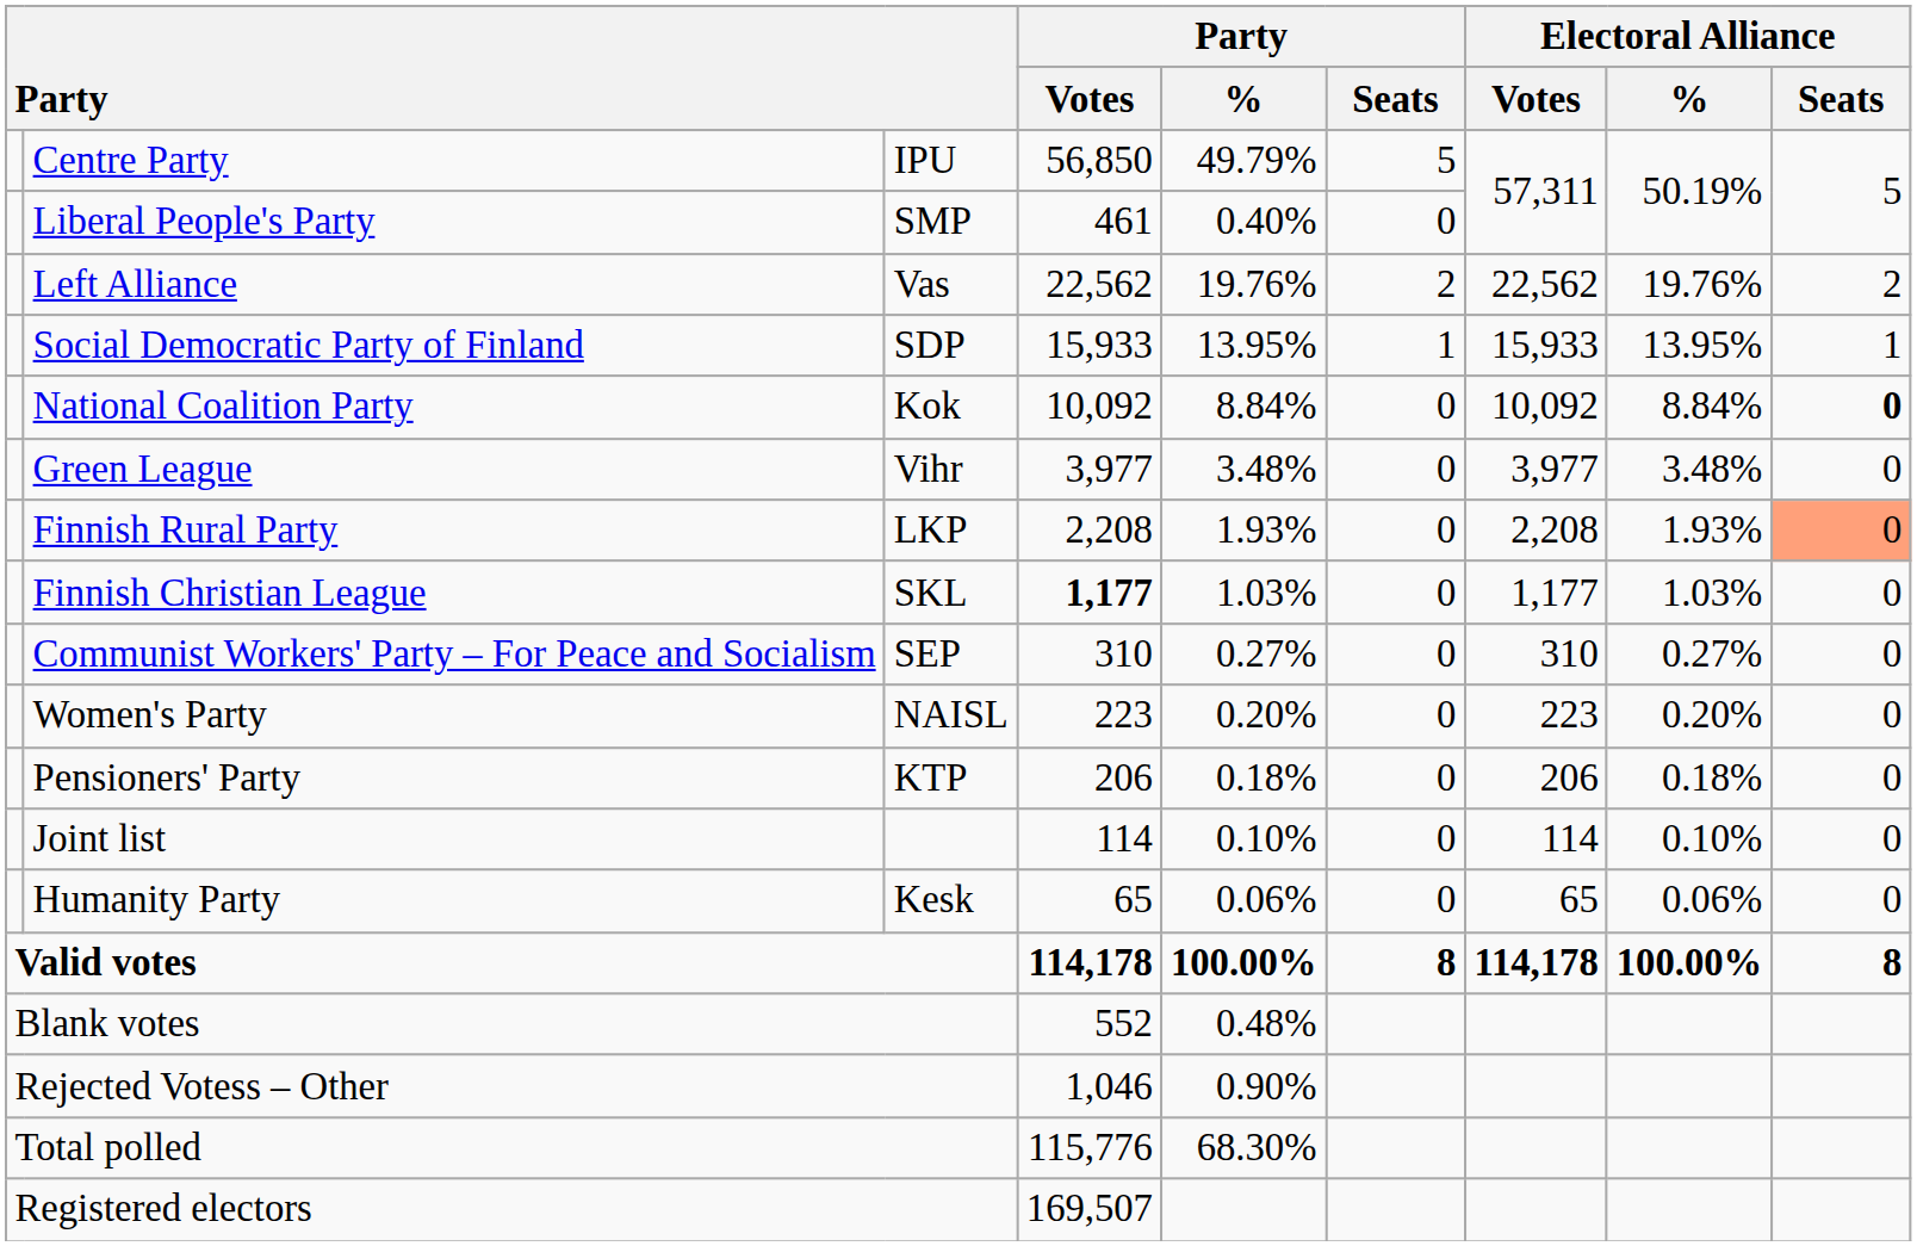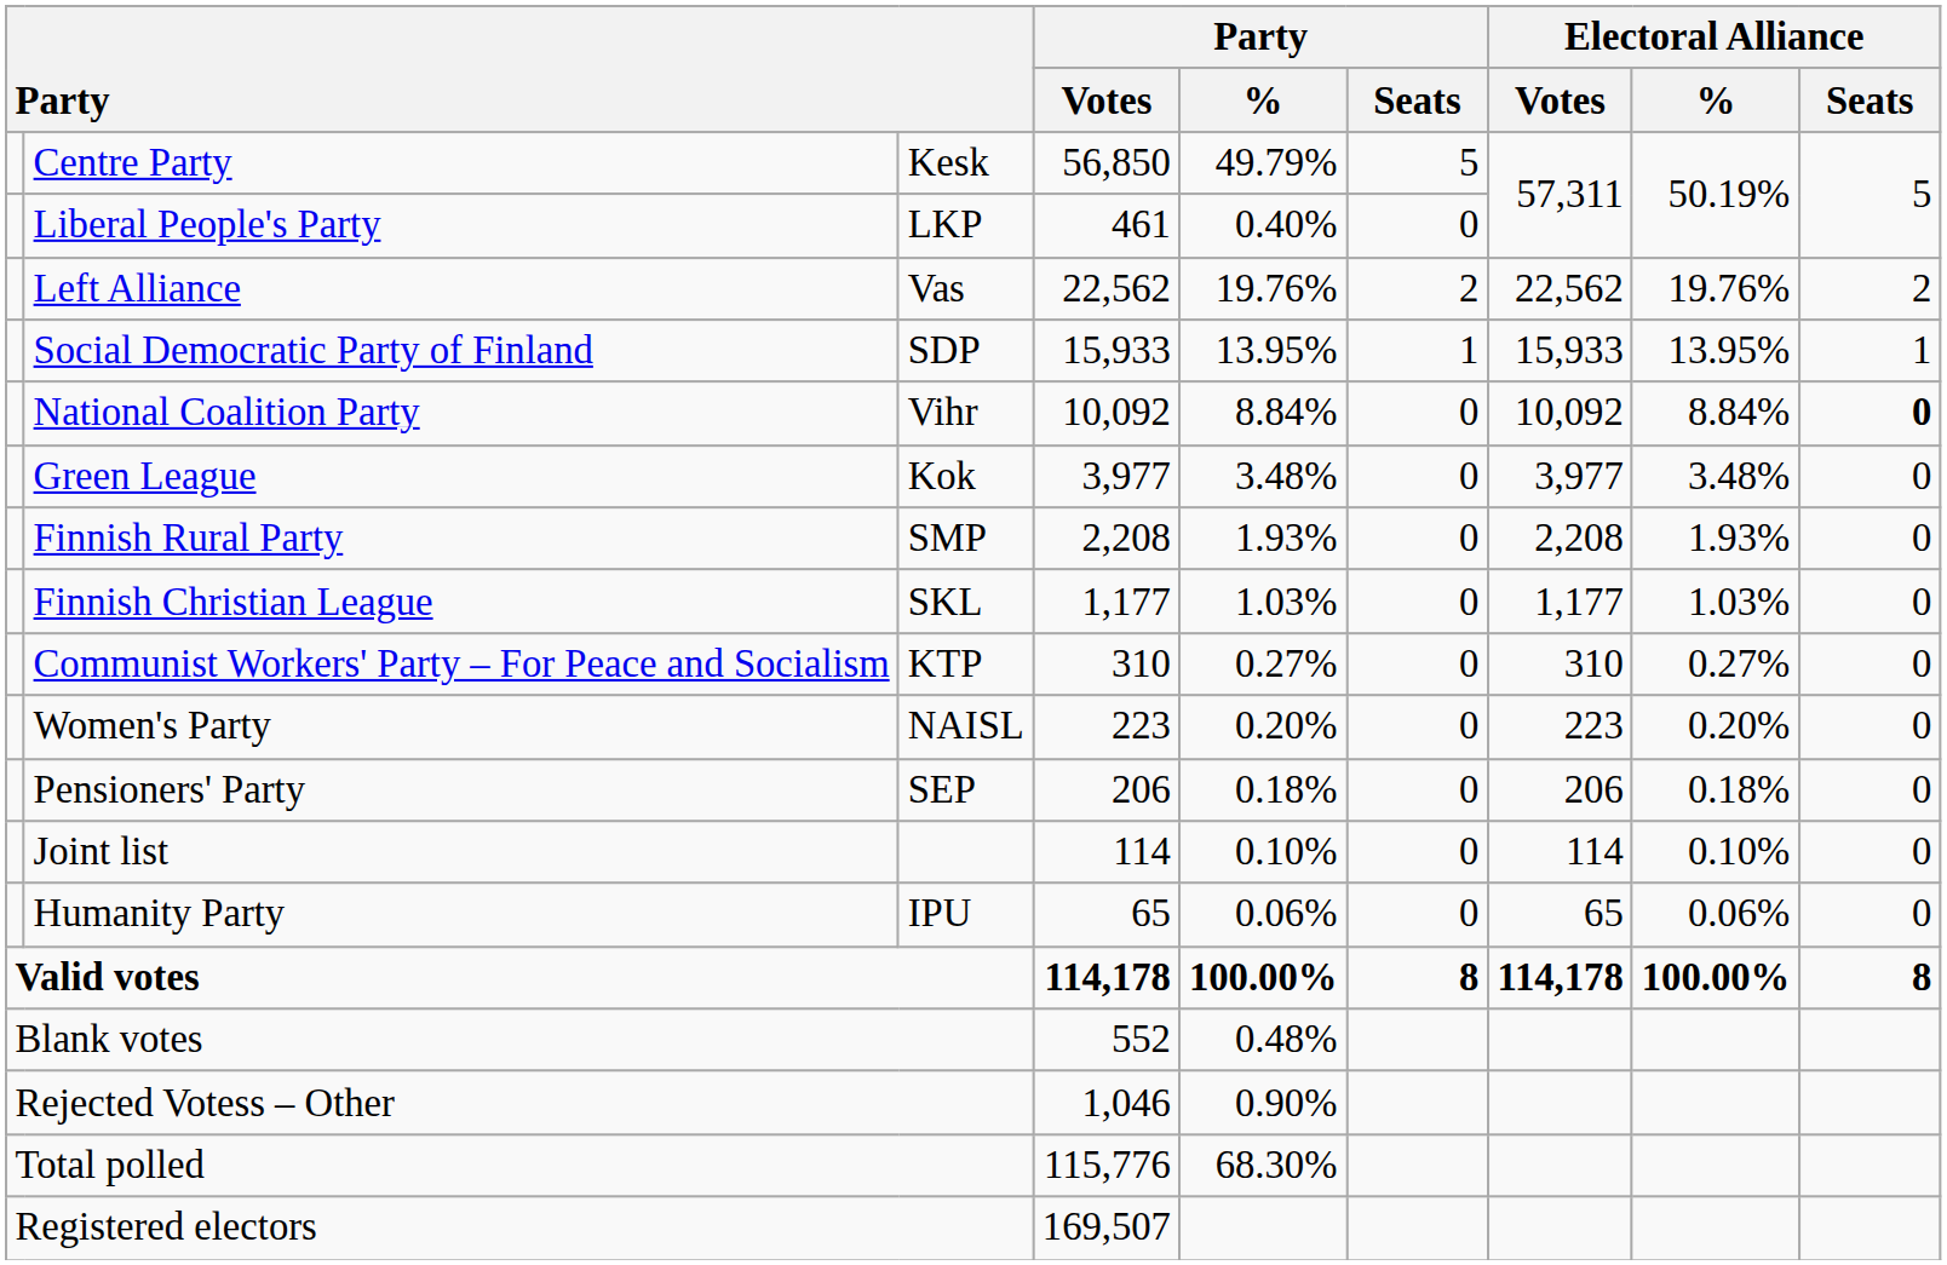 <table class="wikitable" border="1" style="text-align:right;">
 <tr>
 <th style="text-align:left;" valign=bottom rowspan=2 colspan=3>Party</th>
 <th colspan=3>Party</th>
 <th colspan=3>Electoral Alliance</th>
 </tr>
 <tr>
 <th align=center valign=bottom width="50">Votes</th>
 <th align=center valign=bottom width="50">%</th>
 <th align=center valign=bottom width="50">Seats</th>
 <th align=center valign=bottom width="50">Votes</th>
 <th align=center valign=bottom width="50">%</th>
 <th align=center valign=bottom width="50">Seats</th>
 </tr>
 <tr>
 <td></td>
 <td align=left><a href='#'>Centre Party</a></td>
-<td align=left>IPU</td>
+<td align=left>Kesk</td>
 <td>56,850</td>
 <td>49.79%</td>
 <td>5</td>
 <td rowspan=2>57,311</td>
 <td rowspan=2>50.19%</td>
 <td rowspan=2>5</td>
 </tr>
 <tr>
 <td></td>
 <td align=left><a href='#'>Liberal People's Party</a></td>
-<td align=left>SMP</td>
+<td align=left>LKP</td>
 <td>461</td>
 <td>0.40%</td>
 <td>0</td>
 </tr>
 <tr>
 <td></td>
 <td align=left><a href='#'>Left Alliance</a></td>
 <td align=left>Vas</td>
 <td>22,562</td>
 <td>19.76%</td>
 <td>2</td>
 <td>22,562</td>
 <td>19.76%</td>
 <td>2</td>
 </tr>
 <tr>
 <td></td>
 <td align=left style="white-space: nowrap;"><a href='#'>Social Democratic Party of Finland</a></td>
 <td align=left>SDP</td>
 <td>15,933</td>
 <td>13.95%</td>
 <td>1</td>
 <td>15,933</td>
 <td>13.95%</td>
 <td>1</td>
 </tr>
 <tr>
 <td></td>
 <td align=left><a href='#'>National Coalition Party</a></td>
-<td align=left>Kok</td>
+<td align=left>Vihr</td>
 <td>10,092</td>
 <td>8.84%</td>
 <td>0</td>
 <td>10,092</td>
 <td>8.84%</td>
 <td><strong>0</strong></td>
 </tr>
 <tr>
 <td></td>
 <td align=left><a href='#'>Green League</a></td>
-<td align=left>Vihr</td>
+<td align=left>Kok</td>
 <td>3,977</td>
 <td>3.48%</td>
 <td>0</td>
 <td>3,977</td>
 <td>3.48%</td>
 <td>0</td>
 </tr>
 <tr>
 <td></td>
 <td align=left><a href='#'>Finnish Rural Party</a></td>
-<td align=left>LKP</td>
+<td align=left>SMP</td>
 <td>2,208</td>
 <td>1.93%</td>
 <td>0</td>
 <td>2,208</td>
 <td>1.93%</td>
-<td style="background: lightsalmon;">0</td>
+<td>0</td>
 </tr>
 <tr>
 <td></td>
 <td align=left><a href='#'>Finnish Christian League</a></td>
 <td align=left>SKL</td>
-<td><strong>1,177</strong></td>
+<td>1,177</td>
 <td>1.03%</td>
 <td>0</td>
 <td>1,177</td>
 <td>1.03%</td>
 <td>0</td>
 </tr>
 <tr>
 <td></td>
 <td align=left><a href='#'>Communist Workers' Party – For Peace and Socialism</a></td>
-<td align=left>SEP</td>
+<td align=left>KTP</td>
 <td>310</td>
 <td>0.27%</td>
 <td>0</td>
 <td>310</td>
 <td>0.27%</td>
 <td>0</td>
 </tr>
 <tr>
 <td></td>
 <td align=left>Women's Party</td>
 <td align=left>NAISL</td>
 <td>223</td>
 <td>0.20%</td>
 <td>0</td>
 <td>223</td>
 <td>0.20%</td>
 <td>0</td>
 </tr>
 <tr>
 <td></td>
 <td align=left>Pensioners' Party</td>
-<td align=left>KTP</td>
+<td align=left>SEP</td>
 <td>206</td>
 <td>0.18%</td>
 <td>0</td>
 <td>206</td>
 <td>0.18%</td>
 <td>0</td>
 </tr>
 <tr>
 <td></td>
 <td align=left>Joint list</td>
 <td align=left></td>
 <td>114</td>
 <td>0.10%</td>
 <td>0</td>
 <td>114</td>
 <td>0.10%</td>
 <td>0</td>
 </tr>
 <tr>
 <td></td>
 <td align=left>Humanity Party</td>
-<td align=left>Kesk</td>
+<td align=left>IPU</td>
 <td>65</td>
 <td>0.06%</td>
 <td>0</td>
 <td>65</td>
 <td>0.06%</td>
 <td>0</td>
 </tr>
 <tr style="font-weight:bold">
 <td align=left colspan=3>Valid votes</td>
 <td>114,178</td>
 <td>100.00%</td>
 <td>8</td>
 <td>114,178</td>
 <td>100.00%</td>
 <td>8</td>
 </tr>
 <tr>
 <td align=left colspan=3>Blank votes</td>
 <td>552</td>
 <td>0.48%</td>
 <td></td>
 <td></td>
 <td></td>
 <td></td>
 </tr>
 <tr>
 <td align=left colspan=3>Rejected Votess – Other</td>
 <td>1,046</td>
 <td>0.90%</td>
 <td></td>
 <td></td>
 <td></td>
 <td></td>
 </tr>
 <tr>
 <td align=left colspan=3>Total polled</td>
 <td>115,776</td>
 <td>68.30%</td>
 <td></td>
 <td></td>
 <td></td>
 <td></td>
 </tr>
 <tr>
 <td align=left colspan=3>Registered electors</td>
 <td>169,507</td>
 <td></td>
 <td></td>
 <td></td>
 <td></td>
 <td></td>
 </tr>
 </table>
